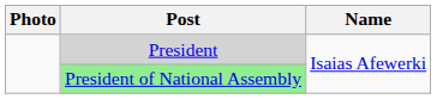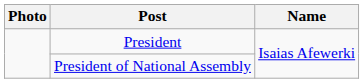 <table class="wikitable" style="text-align:center">
 <tr>
 <th>Photo</th>
 <th>Post</th>
 <th>Name</th>
 </tr>
 <tr>
 <td rowspan="2"></td>
-<td style="background: lightgrey;"><a href='#'>President</a></td>
+<td><a href='#'>President</a></td>
 <td rowspan="2"><a href='#'>Isaias Afewerki</a></td>
 </tr>
 <tr>
-<td style="background: lightgreen;"><a href='#'>President of National Assembly</a></td>
+<td><a href='#'>President of National Assembly</a></td>
 </tr>
 </table>
